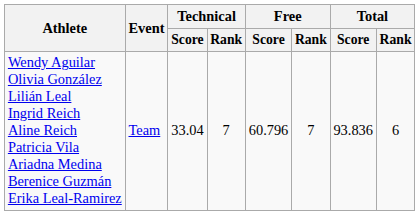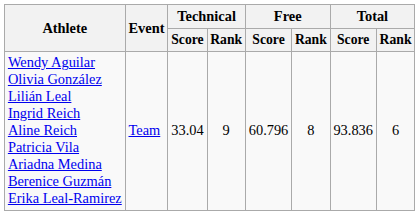 <table class=wikitable style=font-size:90%;text-align:center>
 <tr>
 <th rowspan=2>Athlete</th>
 <th rowspan=2>Event</th>
 <th colspan=2>Technical</th>
 <th colspan=2>Free</th>
 <th colspan=2>Total</th>
 </tr>
 <tr style=font-size:95%>
 <th>Score</th>
 <th>Rank</th>
 <th>Score</th>
 <th>Rank</th>
 <th>Score</th>
 <th>Rank</th>
 </tr>
 <tr>
 <td align=left><a href='#'>Wendy Aguilar</a><br><a href='#'>Olivia González</a><br><a href='#'>Lilián Leal</a><br><a href='#'>Ingrid Reich</a><br><a href='#'>Aline Reich</a><br><a href='#'>Patricia Vila</a><br><a href='#'>Ariadna Medina</a><br><a href='#'>Berenice Guzmán</a><br><a href='#'>Erika Leal-Ramirez</a></td>
 <td align=left><a href='#'>Team</a></td>
 <td>33.04</td>
-<td>7</td>
+<td>9</td>
 <td>60.796</td>
-<td>7</td>
+<td>8</td>
 <td>93.836</td>
 <td>6</td>
 </tr>
 </table>
